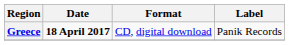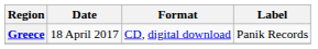 <table class="wikitable sortable plainrowheaders" style="text-align:center">
 <tr>
 <th>Region</th>
 <th>Date</th>
 <th>Format</th>
 <th>Label</th>
 </tr>
 <tr>
 <th scope="row"><a href='#'>Greece</a></th>
-<td><strong>18 April 2017</strong></td>
+<td>18 April 2017</td>
 <td><a href='#'>CD</a>, <a href='#'>digital download</a></td>
 <td>Panik Records</td>
 </tr>
 <tr>
 </tr>
 </table>
